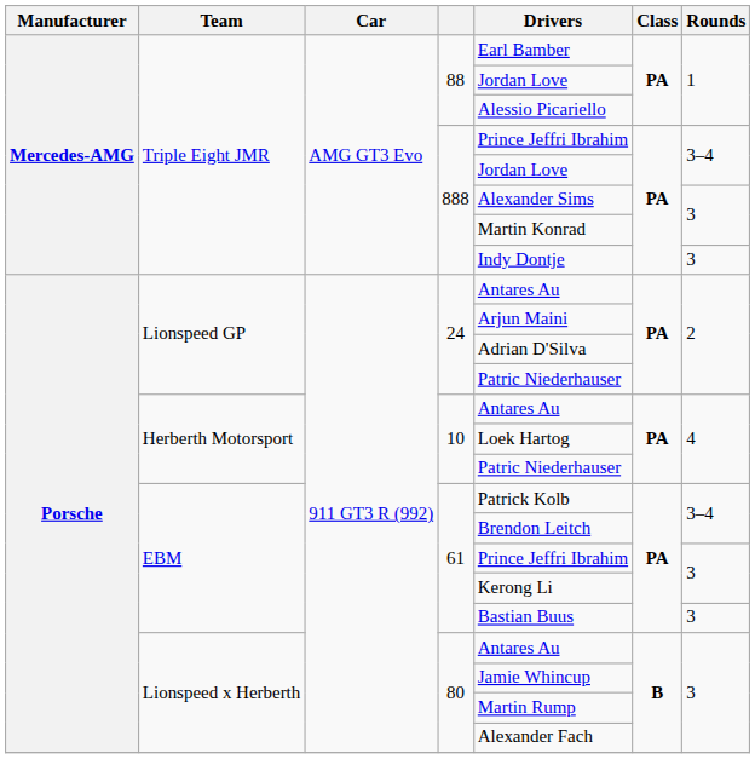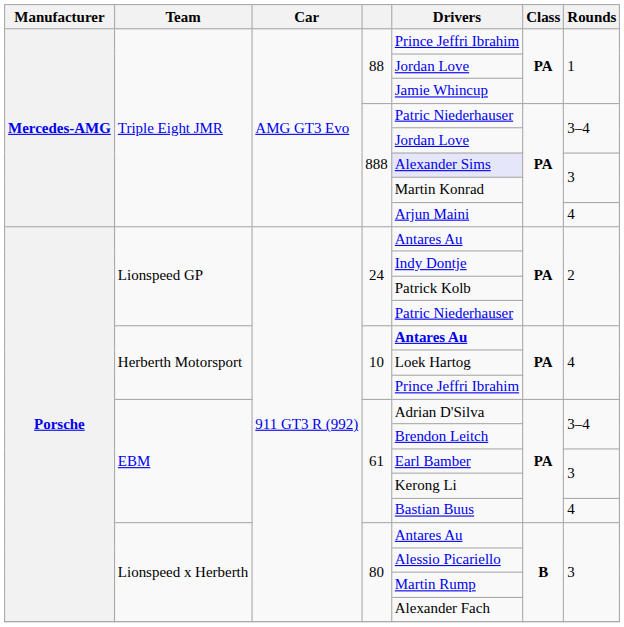 <table class="wikitable" style="font-size:85%;">
 <tr>
 <th>Manufacturer</th>
 <th>Team</th>
 <th>Car</th>
 <th></th>
 <th>Drivers</th>
 <th>Class</th>
 <th>Rounds</th>
 </tr>
 <tr>
 <th rowspan="8"><a href='#'>Mercedes-AMG</a></th>
 <td rowspan="8"> <a href='#'>Triple Eight JMR</a></td>
 <td rowspan="8"><a href='#'>AMG GT3 Evo</a></td>
 <td rowspan="3" align="center">88</td>
-<td> <a href='#'>Earl Bamber</a></td>
+<td> <a href='#'>Prince Jeffri Ibrahim</a></td>
 <td rowspan="3" align="center"><strong><span>PA</span></strong></td>
 <td rowspan="3">1</td>
 </tr>
 <tr>
 <td> <a href='#'>Jordan Love</a></td>
 </tr>
 <tr>
-<td> <a href='#'>Alessio Picariello</a></td>
+<td> <a href='#'>Jamie Whincup</a></td>
 </tr>
 <tr>
 <td rowspan="5" align="center">888</td>
-<td> <a href='#'>Prince Jeffri Ibrahim</a></td>
+<td> <a href='#'>Patric Niederhauser</a></td>
 <td rowspan="5" align="center"><strong><span>PA</span></strong></td>
 <td rowspan="2">3–4</td>
 </tr>
 <tr>
 <td> <a href='#'>Jordan Love</a></td>
 </tr>
 <tr>
-<td> <a href='#'>Alexander Sims</a></td>
+<td style="background: lavender;"> <a href='#'>Alexander Sims</a></td>
 <td rowspan="2">3</td>
 </tr>
 <tr>
 <td> Martin Konrad</td>
 </tr>
 <tr>
-<td> <a href='#'>Indy Dontje</a></td>
-<td rowspan="1">3</td>
+<td> <a href='#'>Arjun Maini</a></td>
+<td rowspan="1">4</td>
 </tr>
 <tr>
 <th rowspan="16"><a href='#'>Porsche</a></th>
 <td rowspan="4"> Lionspeed GP</td>
 <td rowspan="16"><a href='#'>911 GT3 R (992)</a></td>
 <td rowspan="4" align="center">24</td>
 <td> <a href='#'>Antares Au</a></td>
 <td rowspan="4" align="center"><strong><span>PA</span></strong></td>
 <td rowspan="4">2</td>
 </tr>
 <tr>
-<td> <a href='#'>Arjun Maini</a></td>
+<td> <a href='#'>Indy Dontje</a></td>
 </tr>
 <tr>
-<td> Adrian D'Silva</td>
+<td> Patrick Kolb</td>
 </tr>
 <tr>
 <td> <a href='#'>Patric Niederhauser</a></td>
 </tr>
 <tr>
 <td rowspan="3"> Herberth Motorsport</td>
 <td rowspan="3" align="center">10</td>
-<td> <a href='#'>Antares Au</a></td>
+<td><strong> <a href='#'>Antares Au</a></strong></td>
 <td rowspan="3" align="center"><strong><span>PA</span></strong></td>
 <td rowspan="3">4</td>
 </tr>
 <tr>
 <td> Loek Hartog</td>
 </tr>
 <tr>
-<td> <a href='#'>Patric Niederhauser</a></td>
+<td> <a href='#'>Prince Jeffri Ibrahim</a></td>
 </tr>
 <tr>
 <td rowspan="5"> <a href='#'>EBM</a></td>
 <td rowspan="5" align="center">61</td>
-<td> Patrick Kolb</td>
+<td> Adrian D'Silva</td>
 <td rowspan="5" align="center"><strong><span>PA</span></strong></td>
 <td rowspan="2">3–4</td>
 </tr>
 <tr>
 <td> <a href='#'>Brendon Leitch</a></td>
 </tr>
 <tr>
-<td> <a href='#'>Prince Jeffri Ibrahim</a></td>
+<td> <a href='#'>Earl Bamber</a></td>
 <td rowspan="2">3</td>
 </tr>
 <tr>
 <td> Kerong Li</td>
 </tr>
 <tr>
 <td> <a href='#'>Bastian Buus</a></td>
-<td rowspan="1">3</td>
+<td rowspan="1">4</td>
 </tr>
 <tr>
 <td rowspan="4"> Lionspeed x Herberth</td>
 <td rowspan="4" align="center">80</td>
 <td> <a href='#'>Antares Au</a></td>
 <td rowspan="4" align="center"><strong><span>B</span></strong></td>
 <td rowspan="4">3</td>
 </tr>
 <tr>
-<td> <a href='#'>Jamie Whincup</a></td>
+<td> <a href='#'>Alessio Picariello</a></td>
 </tr>
 <tr>
 <td> <a href='#'>Martin Rump</a></td>
 </tr>
 <tr>
 <td> Alexander Fach</td>
 </tr>
 <tr>
 </tr>
 </table>
